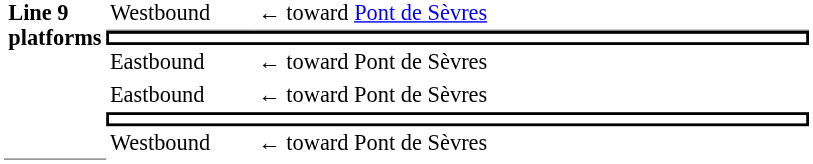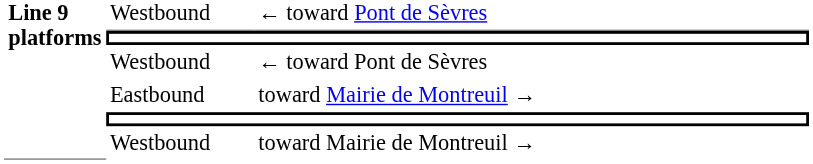 <table border=0 cellspacing=0 cellpadding=3>
 <tr>
 <td style="border-bottom:solid 1px gray;" width=50 rowspan=10 valign=top><strong>Line 9 platforms</strong></td>
 <td style="border-bottom:solid 1px gray;" width=100>Westbound</td>
 <td style="border-bottom:solid 1px gray;" width=390>←   toward <a href='#'>Pont de Sèvres</a> </td>
 </tr>
 <tr>
 <td style="border-top:solid 2px black;border-right:solid 2px black;border-left:solid 2px black;border-bottom:solid 2px black;text-align:center;" colspan=2></td>
 </tr>
 <tr>
-<td>Eastbound</td>
+<td>Westbound</td>
 <td>←   toward Pont de Sèvres </td>
 </tr>
 <tr>
 <td>Eastbound</td>
-<td>←   toward Pont de Sèvres </td>
+<td>   toward <a href='#'>Mairie de Montreuil</a>  →</td>
 </tr>
 <tr>
 <td style="border-top:solid 2px black;border-right:solid 2px black;border-left:solid 2px black;border-bottom:solid 2px black;text-align:center;" colspan=2></td>
 </tr>
 <tr>
 <td>Westbound</td>
-<td>←   toward Pont de Sèvres </td>
+<td>   toward Mairie de Montreuil  →</td>
 </tr>
 </table>
